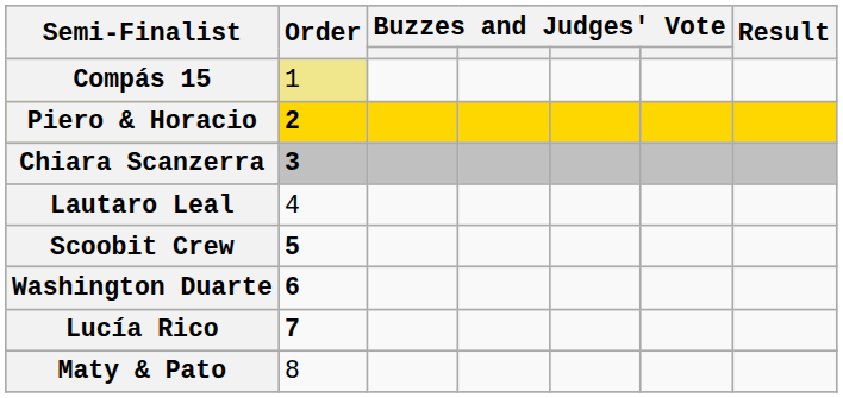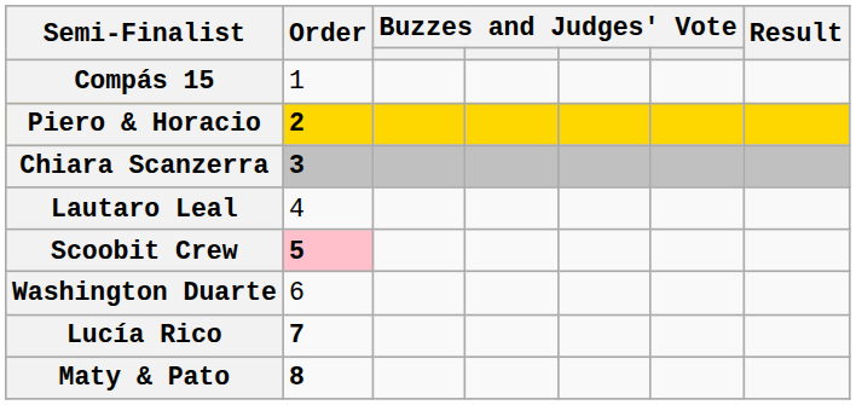 <table class="wikitable plainrowheaders sortable">
 <tr>
 <th rowspan="2" class="unsortable" scope="col">Semi-Finalist</th>
 <th rowspan="2" scope="col">Order</th>
 <th colspan="4" class="unsortable" scope="col">Buzzes and Judges' Vote</th>
 <th rowspan="2" scope="col">Result</th>
 </tr>
 <tr>
 <th class="unsortable" scope="col"></th>
 <th class="unsortable" scope="col"></th>
 <th class="unsortable" scope="col"></th>
 <th></th>
 </tr>
 <tr>
 <th scope="row">Compás 15</th>
-<td style="background: khaki;">1</td>
+<td>1</td>
 <td></td>
 <td></td>
 <td></td>
 <td></td>
 <td></td>
 </tr>
 <tr bgcolor="gold">
 <th scope="row">Piero & Horacio</th>
 <td><strong>2</strong></td>
 <td></td>
 <td></td>
 <td></td>
 <td></td>
 <td><strong></strong></td>
 </tr>
 <tr bgcolor="silver">
 <th scope="row">Chiara Scanzerra</th>
 <td><strong>3</strong></td>
 <td style="text-align:center;"></td>
 <td style="text-align:center;"></td>
 <td style="text-align:center;"></td>
 <td></td>
 <td><strong></strong></td>
 </tr>
 <tr>
 <th scope="row">Lautaro Leal</th>
 <td>4</td>
 <td></td>
 <td></td>
 <td></td>
 <td></td>
 <td></td>
 </tr>
 <tr>
 <th scope="row">Scoobit Crew</th>
-<td><strong>5</strong></td>
+<td style="background: pink;"><strong>5</strong></td>
 <td></td>
 <td></td>
 <td style="text-align:center;"></td>
 <td style="text-align:center;"></td>
 <td></td>
 </tr>
 <tr>
 <th scope="row">Washington Duarte</th>
-<td><strong>6</strong></td>
+<td>6</td>
 <td></td>
 <td></td>
 <td></td>
 <td style="text-align:center;"></td>
 <td></td>
 </tr>
 <tr>
 <th scope="row">Lucía Rico</th>
 <td><strong>7</strong></td>
 <td></td>
 <td></td>
 <td></td>
 <td></td>
 <td></td>
 </tr>
 <tr>
 <th scope="row">Maty & Pato</th>
-<td>8</td>
+<td><strong>8</strong></td>
 <td></td>
 <td style="text-align:center;"></td>
 <td></td>
 <td></td>
 <td></td>
 </tr>
 </table>
